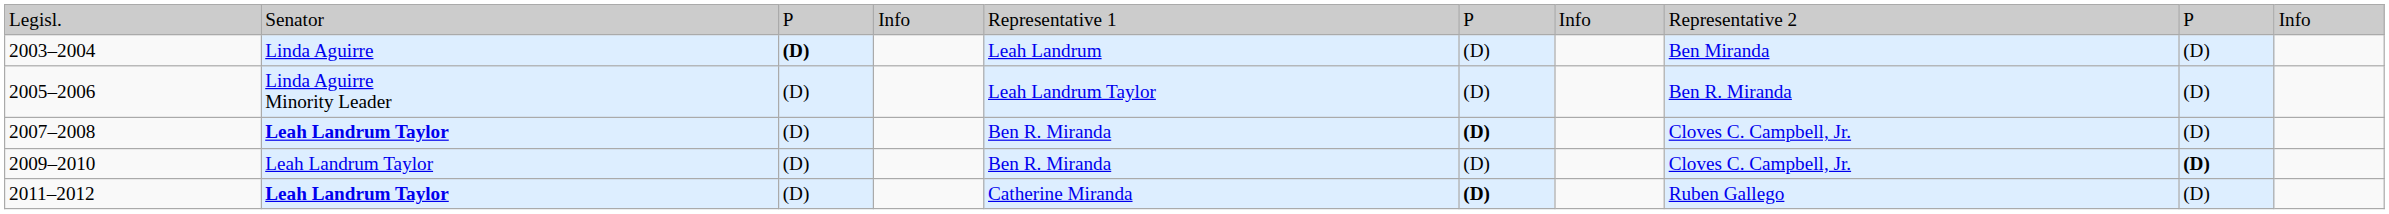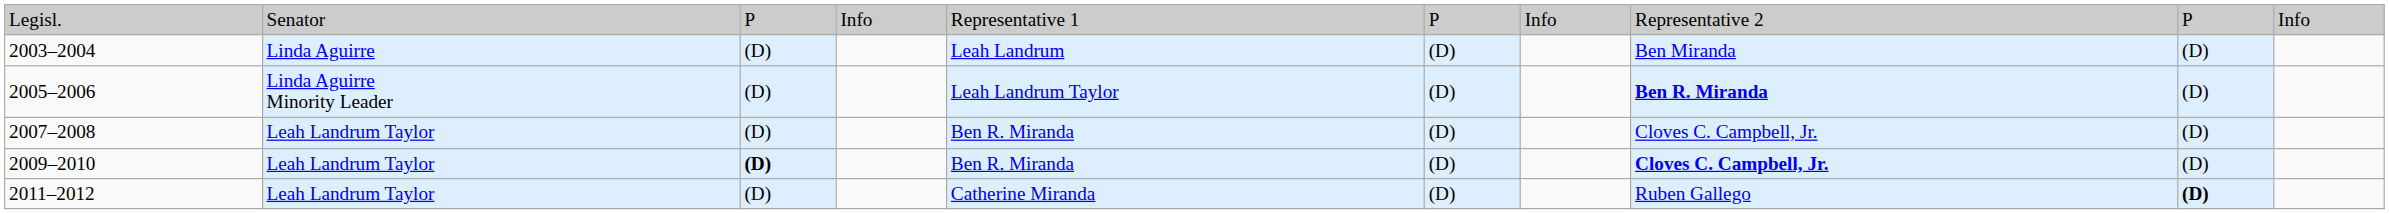 <table class=wikitable width="100%" border="1">
 <tr style="background-color:#cccccc;">
 <td>Legisl.</td>
 <td>Senator</td>
 <td>P</td>
 <td>Info</td>
 <td>Representative 1</td>
 <td>P</td>
 <td>Info</td>
 <td>Representative 2</td>
 <td>P</td>
 <td>Info</td>
 </tr>
 <tr>
 <td>2003–2004</td>
 <td style="background:#DDEEFF"><a href='#'>Linda Aguirre</a></td>
-<td style="background:#DDEEFF"><strong>(D)</strong></td>
+<td style="background:#DDEEFF">(D)</td>
 <td></td>
 <td style="background:#DDEEFF"><a href='#'>Leah Landrum</a></td>
 <td style="background:#DDEEFF">(D)</td>
 <td></td>
 <td style="background:#DDEEFF"><a href='#'>Ben Miranda</a></td>
 <td style="background:#DDEEFF">(D)</td>
 <td></td>
 </tr>
 <tr>
 <td>2005–2006</td>
 <td style="background:#DDEEFF"><a href='#'>Linda Aguirre</a> <br>Minority Leader</td>
 <td style="background:#DDEEFF">(D)</td>
 <td></td>
 <td style="background:#DDEEFF"><a href='#'>Leah Landrum Taylor</a></td>
 <td style="background:#DDEEFF">(D)</td>
 <td></td>
-<td style="background:#DDEEFF"><a href='#'>Ben R. Miranda</a></td>
+<td style="background:#DDEEFF"><strong><a href='#'>Ben R. Miranda</a></strong></td>
 <td style="background:#DDEEFF">(D)</td>
 <td></td>
 </tr>
 <tr>
 <td>2007–2008</td>
-<td style="background:#DDEEFF"><strong><a href='#'>Leah Landrum Taylor</a></strong></td>
+<td style="background:#DDEEFF"><a href='#'>Leah Landrum Taylor</a></td>
 <td style="background:#DDEEFF">(D)</td>
 <td></td>
 <td style="background:#DDEEFF"><a href='#'>Ben R. Miranda</a></td>
-<td style="background:#DDEEFF"><strong>(D)</strong></td>
+<td style="background:#DDEEFF">(D)</td>
 <td></td>
 <td style="background:#DDEEFF"><a href='#'>Cloves C. Campbell, Jr.</a></td>
 <td style="background:#DDEEFF">(D)</td>
 <td></td>
 </tr>
 <tr>
 <td>2009–2010</td>
 <td style="background:#DDEEFF"><a href='#'>Leah Landrum Taylor</a></td>
-<td style="background:#DDEEFF">(D)</td>
+<td style="background:#DDEEFF"><strong>(D)</strong></td>
 <td></td>
 <td style="background:#DDEEFF"><a href='#'>Ben R. Miranda</a></td>
 <td style="background:#DDEEFF">(D)</td>
 <td></td>
-<td style="background:#DDEEFF"><a href='#'>Cloves C. Campbell, Jr.</a></td>
-<td style="background:#DDEEFF"><strong>(D)</strong></td>
+<td style="background:#DDEEFF"><strong><a href='#'>Cloves C. Campbell, Jr.</a></strong></td>
+<td style="background:#DDEEFF">(D)</td>
 <td></td>
 </tr>
 <tr>
 <td>2011–2012</td>
-<td style="background:#DDEEFF"><strong><a href='#'>Leah Landrum Taylor</a></strong></td>
+<td style="background:#DDEEFF"><a href='#'>Leah Landrum Taylor</a></td>
 <td style="background:#DDEEFF">(D)</td>
 <td></td>
 <td style="background:#DDEEFF"><a href='#'>Catherine Miranda</a></td>
-<td style="background:#DDEEFF"><strong>(D)</strong></td>
+<td style="background:#DDEEFF">(D)</td>
 <td></td>
 <td style="background:#DDEEFF"><a href='#'>Ruben Gallego</a></td>
-<td style="background:#DDEEFF">(D)</td>
+<td style="background:#DDEEFF"><strong>(D)</strong></td>
 <td></td>
 </tr>
 </table>
